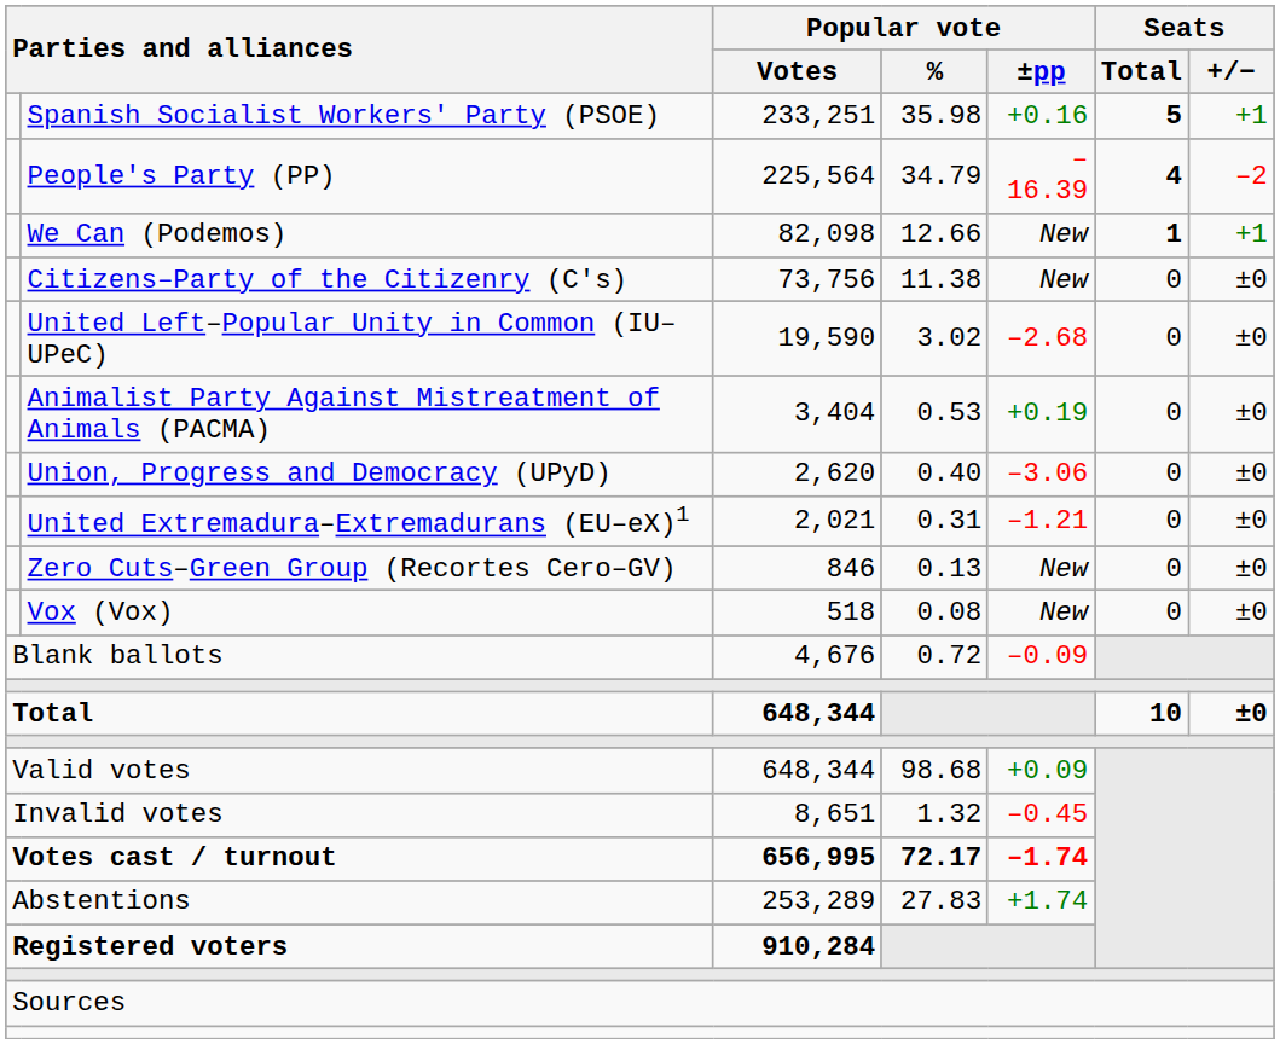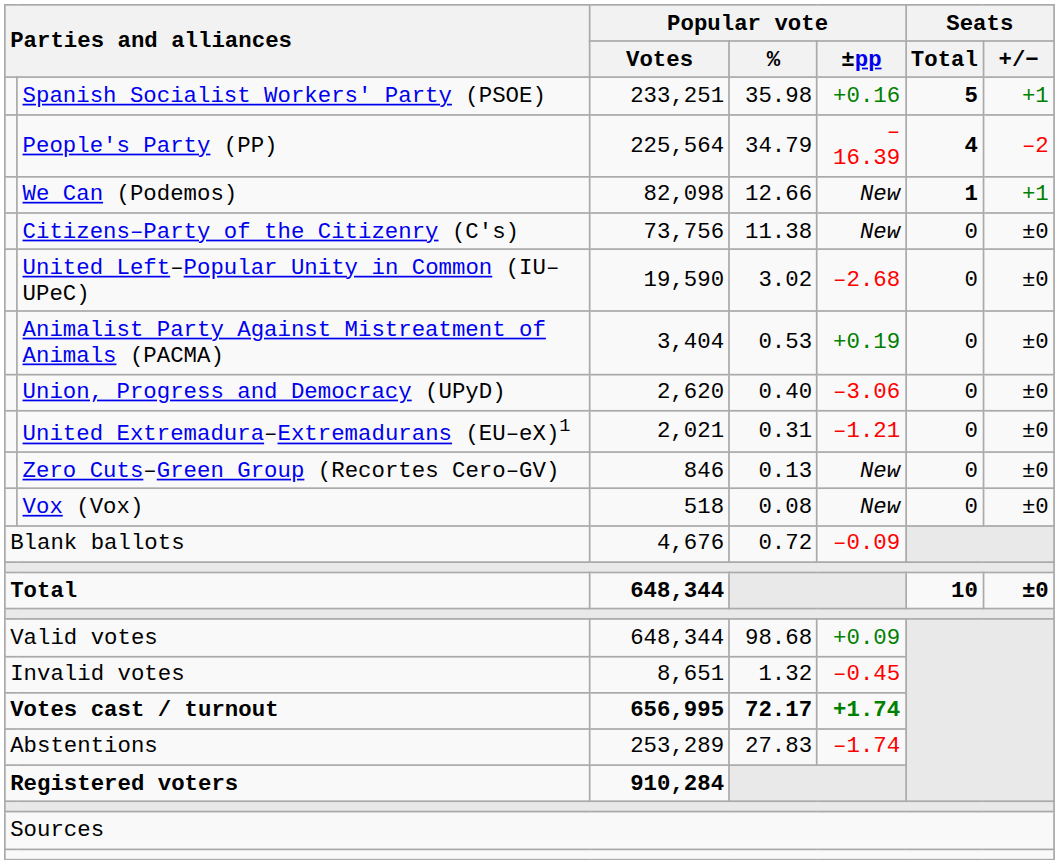 <table class="wikitable" style="text-align:right;">
 <tr>
 <th style="text-align:left;" rowspan="2" colspan="2" width="525">Parties and alliances</th>
 <th colspan="3">Popular vote</th>
 <th colspan="2">Seats</th>
 </tr>
 <tr>
 <th width="75">Votes</th>
 <th width="45">%</th>
 <th width="45">±<a href='#'>pp</a></th>
 <th width="35">Total</th>
 <th width="35">+/−</th>
 </tr>
 <tr>
 <td width="1" style="color:inherit;background:"></td>
 <td align="left"><a href='#'>Spanish Socialist Workers' Party</a> (PSOE)</td>
 <td>233,251</td>
 <td>35.98</td>
 <td style="color:green;">+0.16</td>
 <td><strong>5</strong></td>
 <td style="color:green;">+1</td>
 </tr>
 <tr>
 <td style="color:inherit;background:"></td>
 <td align="left"><a href='#'>People's Party</a> (PP)</td>
 <td>225,564</td>
 <td>34.79</td>
 <td style="color:red;">–16.39</td>
 <td><strong>4</strong></td>
 <td style="color:red;">–2</td>
 </tr>
 <tr>
 <td style="color:inherit;background:"></td>
 <td align="left"><a href='#'>We Can</a> (Podemos)</td>
 <td>82,098</td>
 <td>12.66</td>
 <td><em>New</em></td>
 <td><strong>1</strong></td>
 <td style="color:green;">+1</td>
 </tr>
 <tr>
 <td style="color:inherit;background:"></td>
 <td align="left"><a href='#'>Citizens–Party of the Citizenry</a> (C's)</td>
 <td>73,756</td>
 <td>11.38</td>
 <td><em>New</em></td>
 <td>0</td>
 <td>±0</td>
 </tr>
 <tr>
 <td style="color:inherit;background:"></td>
 <td align="left"><a href='#'>United Left</a>–<a href='#'>Popular Unity in Common</a> (IU–UPeC)</td>
 <td>19,590</td>
 <td>3.02</td>
 <td style="color:red;">–2.68</td>
 <td>0</td>
 <td>±0</td>
 </tr>
 <tr>
 <td style="color:inherit;background:"></td>
 <td align="left"><a href='#'>Animalist Party Against Mistreatment of Animals</a> (PACMA)</td>
 <td>3,404</td>
 <td>0.53</td>
 <td style="color:green;">+0.19</td>
 <td>0</td>
 <td>±0</td>
 </tr>
 <tr>
 <td style="color:inherit;background:"></td>
 <td align="left"><a href='#'>Union, Progress and Democracy</a> (UPyD)</td>
 <td>2,620</td>
 <td>0.40</td>
 <td style="color:red;">–3.06</td>
 <td>0</td>
 <td>±0</td>
 </tr>
 <tr>
 <td style="color:inherit;background:"></td>
 <td align="left"><a href='#'>United Extremadura</a>–<a href='#'>Extremadurans</a> (EU–eX)<sup>1</sup></td>
 <td>2,021</td>
 <td>0.31</td>
 <td style="color:red;">–1.21</td>
 <td>0</td>
 <td>±0</td>
 </tr>
 <tr>
 <td style="color:inherit;background:"></td>
 <td align="left"><a href='#'>Zero Cuts</a>–<a href='#'>Green Group</a> (Recortes Cero–GV)</td>
 <td>846</td>
 <td>0.13</td>
 <td><em>New</em></td>
 <td>0</td>
 <td>±0</td>
 </tr>
 <tr>
 <td style="color:inherit;background:"></td>
 <td align="left"><a href='#'>Vox</a> (Vox)</td>
 <td>518</td>
 <td>0.08</td>
 <td><em>New</em></td>
 <td>0</td>
 <td>±0</td>
 </tr>
 <tr>
 <td align="left" colspan="2">Blank ballots</td>
 <td>4,676</td>
 <td>0.72</td>
 <td style="color:red;">–0.09</td>
 <td bgcolor="#E9E9E9" colspan="2"></td>
 </tr>
 <tr>
 <td colspan="7" bgcolor="#E9E9E9"></td>
 </tr>
 <tr style="font-weight:bold;">
 <td align="left" colspan="2">Total</td>
 <td>648,344</td>
 <td bgcolor="#E9E9E9" colspan="2"></td>
 <td>10</td>
 <td>±0</td>
 </tr>
 <tr>
 <td colspan="7" bgcolor="#E9E9E9"></td>
 </tr>
 <tr>
 <td align="left" colspan="2">Valid votes</td>
 <td>648,344</td>
 <td>98.68</td>
 <td style="color:green;">+0.09</td>
 <td bgcolor="#E9E9E9" colspan="2" rowspan="5"></td>
 </tr>
 <tr>
 <td align="left" colspan="2">Invalid votes</td>
 <td>8,651</td>
 <td>1.32</td>
 <td style="color:red;">–0.45</td>
 </tr>
 <tr style="font-weight:bold;">
 <td align="left" colspan="2">Votes cast / turnout</td>
 <td>656,995</td>
 <td>72.17</td>
-<td style="color:red;">–1.74</td>
+<td style="color:green;">+1.74</td>
 </tr>
 <tr>
 <td align="left" colspan="2">Abstentions</td>
 <td>253,289</td>
 <td>27.83</td>
-<td style="color:green;">+1.74</td>
+<td style="color:red;">–1.74</td>
 </tr>
 <tr style="font-weight:bold;">
 <td align="left" colspan="2">Registered voters</td>
 <td>910,284</td>
 <td bgcolor="#E9E9E9" colspan="2"></td>
 </tr>
 <tr>
 <td colspan="7" bgcolor="#E9E9E9"></td>
 </tr>
 <tr>
 <td align="left" colspan="7">Sources</td>
 </tr>
 <tr>
 <td colspan="7" style="text-align:left; max-width:790px;"></td>
 </tr>
 </table>
